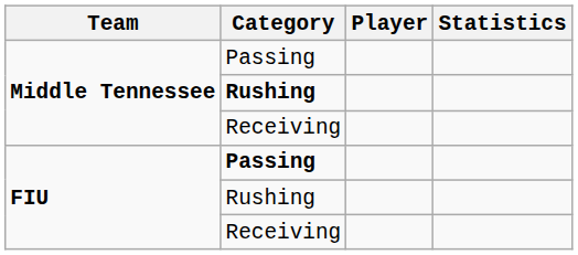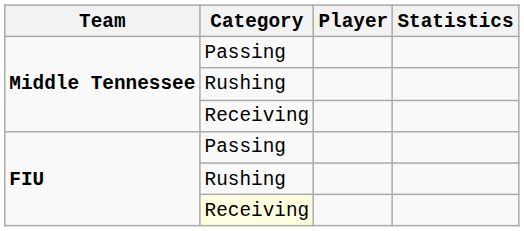 <table class="wikitable" style="float: left;">
 <tr>
 <th>Team</th>
 <th>Category</th>
 <th>Player</th>
 <th>Statistics</th>
 </tr>
 <tr>
 <td rowspan=3><strong>Middle Tennessee</strong></td>
 <td>Passing</td>
 <td></td>
 <td></td>
 </tr>
 <tr>
-<td><strong>Rushing</strong></td>
+<td>Rushing</td>
 <td></td>
 <td></td>
 </tr>
 <tr>
 <td>Receiving</td>
 <td></td>
 <td></td>
 </tr>
 <tr>
 <td rowspan=3><strong>FIU</strong></td>
-<td><strong>Passing</strong></td>
+<td>Passing</td>
 <td></td>
 <td></td>
 </tr>
 <tr>
 <td>Rushing</td>
 <td></td>
 <td></td>
 </tr>
 <tr>
-<td>Receiving</td>
+<td style="background: lightyellow;">Receiving</td>
 <td></td>
 <td></td>
 </tr>
 </table>
